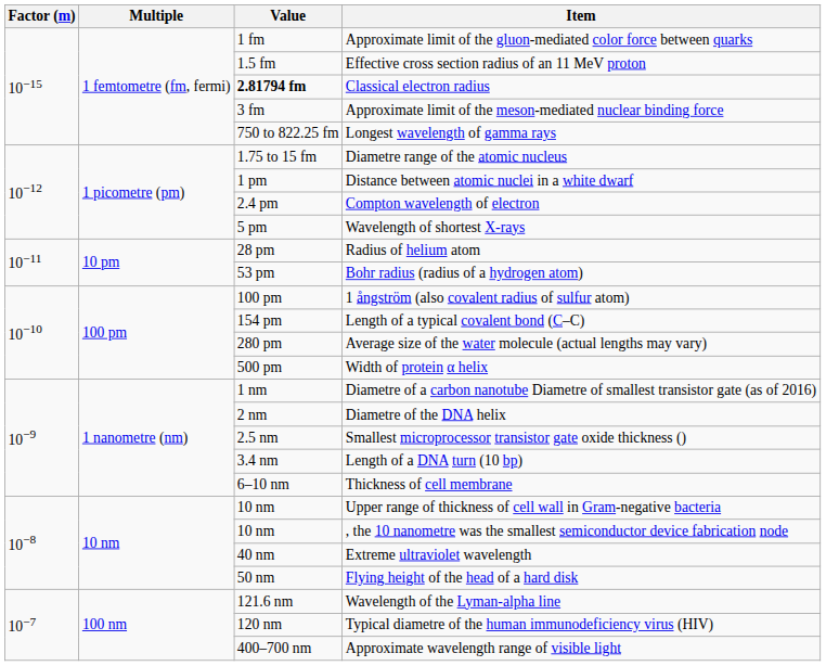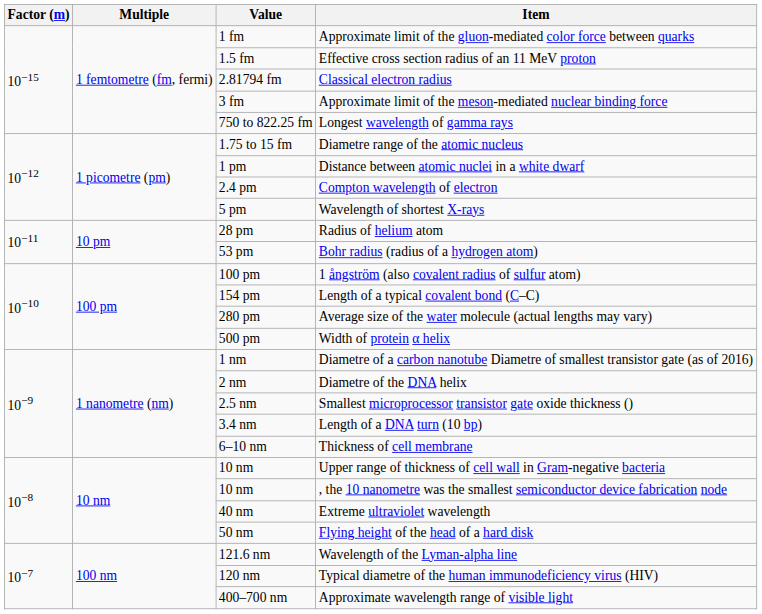 <table class="wikitable">
 <tr>
 <th>Factor (<a href='#'>m</a>)</th>
 <th>Multiple</th>
 <th>Value</th>
 <th>Item</th>
 </tr>
 <tr>
 <td rowspan=5>10<sup>−15</sup></td>
 <td rowspan=5><a href='#'>1 femtometre</a> (<a href='#'>fm</a>, fermi)</td>
 <td>1 fm</td>
 <td>Approximate limit of the <a href='#'>gluon</a>-mediated <a href='#'>color force</a> between <a href='#'>quarks</a></td>
 </tr>
 <tr>
 <td>1.5 fm</td>
 <td>Effective cross section radius of an 11 MeV <a href='#'>proton</a></td>
 </tr>
 <tr>
-<td><strong>2.81794 fm</strong></td>
+<td>2.81794 fm</td>
 <td><a href='#'>Classical electron radius</a></td>
 </tr>
 <tr>
 <td>3 fm</td>
 <td>Approximate limit of the <a href='#'>meson</a>-mediated <a href='#'>nuclear binding force</a></td>
 </tr>
 <tr>
 <td>750 to 822.25 fm</td>
 <td>Longest <a href='#'>wavelength</a> of <a href='#'>gamma rays</a></td>
 </tr>
 <tr>
 <td rowspan="4">10<sup>−12</sup></td>
 <td rowspan="4"><a href='#'>1 picometre</a> (<a href='#'>pm</a>)</td>
 <td>1.75 to 15 fm</td>
 <td>Diametre range of the <a href='#'>atomic nucleus</a></td>
 </tr>
 <tr>
 <td>1 pm</td>
 <td>Distance between <a href='#'>atomic nuclei</a> in a <a href='#'>white dwarf</a></td>
 </tr>
 <tr>
 <td>2.4 pm</td>
 <td><a href='#'>Compton wavelength</a> of <a href='#'>electron</a></td>
 </tr>
 <tr>
 <td>5 pm</td>
 <td>Wavelength of shortest <a href='#'>X-rays</a></td>
 </tr>
 <tr>
 <td rowspan="2">10<sup>−11</sup></td>
 <td rowspan="2"><a href='#'>10 pm</a></td>
 <td>28 pm</td>
 <td>Radius of <a href='#'>helium</a> atom</td>
 </tr>
 <tr>
 <td>53 pm</td>
 <td><a href='#'>Bohr radius</a> (radius of a <a href='#'>hydrogen atom</a>)</td>
 </tr>
 <tr>
 <td rowspan=4>10<sup>−10</sup></td>
 <td rowspan=4><a href='#'>100 pm</a></td>
 <td>100 pm</td>
 <td>1 <a href='#'>ångström</a> (also <a href='#'>covalent radius</a> of <a href='#'>sulfur</a> atom)</td>
 </tr>
 <tr>
 <td>154 pm</td>
 <td>Length of a typical <a href='#'>covalent bond</a> (<a href='#'>C</a>–C)</td>
 </tr>
 <tr>
 <td>280 pm</td>
 <td>Average size of the <a href='#'>water</a> molecule (actual lengths may vary)</td>
 </tr>
 <tr>
 <td>500 pm</td>
 <td>Width of <a href='#'>protein</a> <a href='#'>α helix</a></td>
 </tr>
 <tr>
 <td rowspan=5>10<sup>−9</sup></td>
 <td rowspan=5><a href='#'>1 nanometre</a> (<a href='#'>nm</a>)</td>
 <td>1 nm</td>
 <td>Diametre of a <a href='#'>carbon nanotube</a> Diametre of smallest transistor gate (as of 2016)</td>
 </tr>
 <tr>
 <td>2 nm</td>
 <td>Diametre of the <a href='#'>DNA</a> helix</td>
 </tr>
 <tr>
 <td>2.5 nm</td>
 <td>Smallest <a href='#'>microprocessor</a> <a href='#'>transistor</a> <a href='#'>gate</a> oxide thickness ()</td>
 </tr>
 <tr>
 <td>3.4 nm</td>
 <td>Length of a <a href='#'>DNA</a> <a href='#'>turn</a> (10 <a href='#'>bp</a>)</td>
 </tr>
 <tr>
 <td>6–10 nm</td>
 <td>Thickness of <a href='#'>cell membrane</a></td>
 </tr>
 <tr>
 <td rowspan=4>10<sup>−8</sup></td>
 <td rowspan=4><a href='#'>10 nm</a></td>
 <td>10 nm</td>
 <td>Upper range of thickness of <a href='#'>cell wall</a> in <a href='#'>Gram</a>-negative <a href='#'>bacteria</a></td>
 </tr>
 <tr>
 <td>10 nm</td>
 <td>, the <a href='#'>10 nanometre</a> was the smallest <a href='#'>semiconductor device fabrication</a> <a href='#'>node</a></td>
 </tr>
 <tr>
 <td>40 nm</td>
 <td>Extreme <a href='#'>ultraviolet</a> wavelength</td>
 </tr>
 <tr>
 <td>50 nm</td>
 <td><a href='#'>Flying height</a> of the <a href='#'>head</a> of a <a href='#'>hard disk</a></td>
 </tr>
 <tr>
 <td rowspan=3>10<sup>−7</sup></td>
 <td rowspan=3><a href='#'>100 nm</a></td>
 <td>121.6 nm</td>
 <td>Wavelength of the <a href='#'>Lyman-alpha line</a></td>
 </tr>
 <tr>
 <td>120 nm</td>
 <td>Typical diametre of the <a href='#'>human immunodeficiency virus</a> (HIV)</td>
 </tr>
 <tr>
 <td>400–700 nm</td>
 <td>Approximate wavelength range of <a href='#'>visible light</a></td>
 </tr>
 </table>
